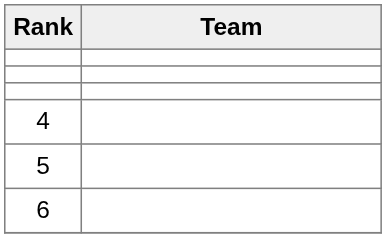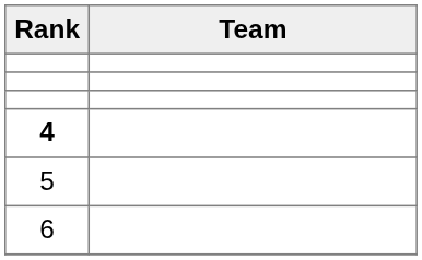 <table style=border-collapse:collapse border=1 cellspacing=1 cellpadding=5>
 <tr align=center bgcolor=#efefef>
 <th width=35>Rank</th>
 <th width=185>Team</th>
 </tr>
 <tr align=center>
 <td></td>
 <td style="text-align:left;"></td>
 </tr>
 <tr align=center>
 <td></td>
 <td style="text-align:left;"></td>
 </tr>
 <tr align=center>
 <td></td>
 <td style="text-align:left;"></td>
 </tr>
 <tr align=center>
-<td>4</td>
+<td><strong>4</strong></td>
 <td style="text-align:left;"></td>
 </tr>
 <tr align=center>
 <td>5</td>
 <td style="text-align:left;"></td>
 </tr>
 <tr align=center>
 <td>6</td>
 <td style="text-align:left;"></td>
 </tr>
 <tr align=center>
 </tr>
 </table>
